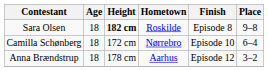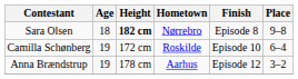 <table class="wikitable" style="text-align:center;">
 <tr>
 <th colspan="1">Contestant</th>
 <th colspan="1">Age</th>
 <th colspan="1">Height</th>
 <th colspan="1">Hometown</th>
 <th colspan="1">Finish</th>
 <th>Place</th>
 </tr>
 <tr>
 <td>Sara Olsen</td>
 <td>18</td>
 <td><strong>182 cm</strong></td>
-<td><a href='#'>Roskilde</a></td>
+<td><a href='#'>Nørrebro</a></td>
 <td>Episode 8</td>
 <td>9–8</td>
 </tr>
 <tr>
 <td>Camilla Schønberg</td>
-<td>18</td>
+<td>19</td>
 <td>172 cm</td>
-<td><a href='#'>Nørrebro</a></td>
+<td><a href='#'>Roskilde</a></td>
 <td>Episode 10</td>
 <td>6–4</td>
 </tr>
 <tr>
 <td>Anna Brændstrup</td>
-<td>18</td>
+<td>19</td>
 <td>178 cm</td>
 <td><a href='#'>Aarhus</a></td>
 <td>Episode 12</td>
 <td>3–2</td>
 </tr>
 <tr>
 </tr>
 </table>
